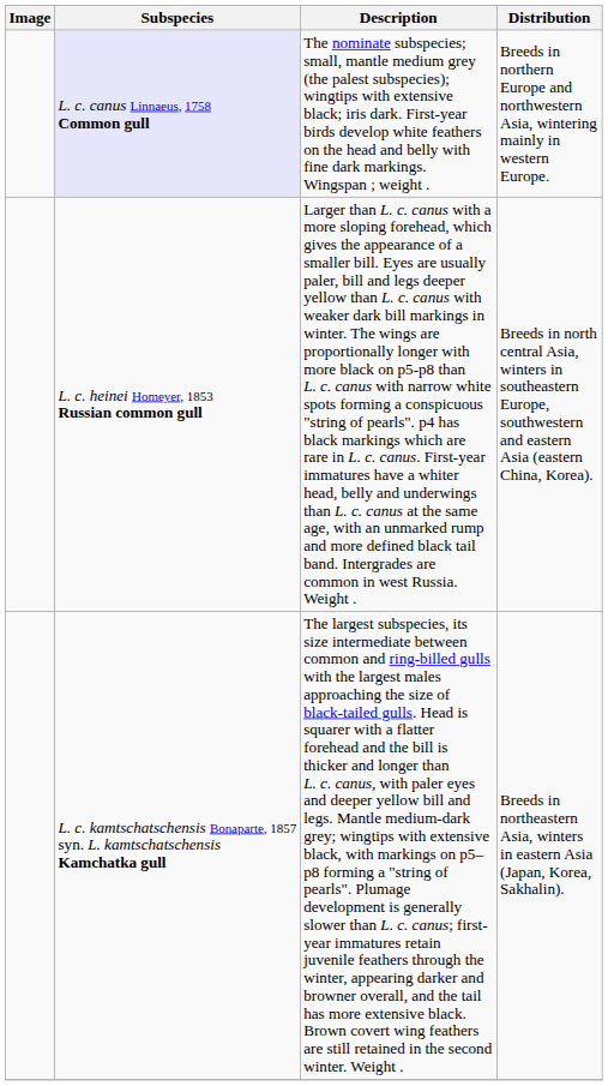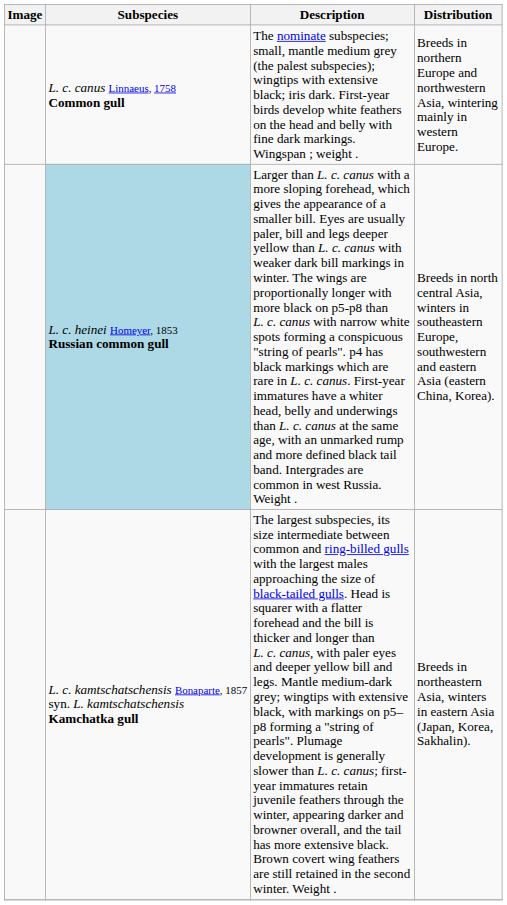 <table class="wikitable ">
 <tr>
 <th>Image</th>
 <th>Subspecies</th>
 <th>Description</th>
 <th>Distribution</th>
 </tr>
 <tr>
 <td></td>
-<td style="background: lavender;"><em>L. c. canus</em> <small><a href='#'>Linnaeus</a>, <a href='#'>1758</a></small><br><strong>Common gull</strong></td>
+<td><em>L. c. canus</em> <small><a href='#'>Linnaeus</a>, <a href='#'>1758</a></small><br><strong>Common gull</strong></td>
 <td>The <a href='#'>nominate</a> subspecies; small, mantle medium grey (the palest subspecies); wingtips with extensive black; iris dark. First-year birds develop white feathers on the head and belly with fine dark markings. Wingspan ; weight .</td>
 <td>Breeds in northern Europe and northwestern Asia, wintering mainly in western Europe.</td>
 </tr>
 <tr>
 <td></td>
-<td><em>L. c. heinei</em> <small><a href='#'>Homeyer</a>, 1853</small><br><strong>Russian common gull</strong></td>
+<td style="background: lightblue;"><em>L. c. heinei</em> <small><a href='#'>Homeyer</a>, 1853</small><br><strong>Russian common gull</strong></td>
 <td>Larger than <em>L. c. canus</em> with a more sloping forehead, which gives the appearance of a smaller bill. Eyes are usually paler, bill and legs deeper yellow than <em>L. c. canus</em> with weaker dark bill markings in winter.  The wings are proportionally longer with more black on p5-p8 than <em>L. c. canus</em> with narrow white spots forming a conspicuous "string of pearls". p4 has black markings which are rare in <em>L. c. canus</em>. First-year immatures have a whiter head, belly and underwings than <em>L. c. canus</em> at the same age, with an unmarked rump and more defined black tail band. Intergrades are common in west Russia. Weight .</td>
 <td>Breeds in north central Asia, winters in southeastern Europe, southwestern and eastern Asia (eastern China, Korea).</td>
 </tr>
 <tr>
 <td></td>
 <td><em>L. c. kamtschatschensis</em> <small><a href='#'>Bonaparte</a>, 1857</small><br>syn. <em>L. kamtschatschensis</em><br><strong>Kamchatka gull</strong></td>
 <td>The largest subspecies, its size intermediate between common and <a href='#'>ring-billed gulls</a> with the largest males approaching the size of <a href='#'>black-tailed gulls</a>. Head is squarer with a flatter forehead and the bill is thicker and longer than <em>L. c. canus,</em> with paler eyes and deeper yellow bill and legs. Mantle medium-dark grey; wingtips with extensive black, with markings on p5–p8 forming a "string of pearls". Plumage development is generally slower than <em>L. c. canus</em>; first-year immatures retain juvenile feathers through the winter, appearing darker and browner overall, and the tail has more extensive black. Brown covert wing feathers are still retained in the second winter. Weight .</td>
 <td>Breeds in northeastern Asia, winters in eastern Asia (Japan, Korea, Sakhalin).</td>
 </tr>
 <tr>
 </tr>
 </table>
